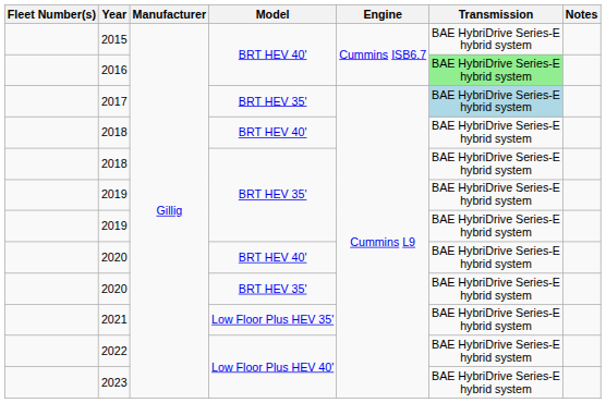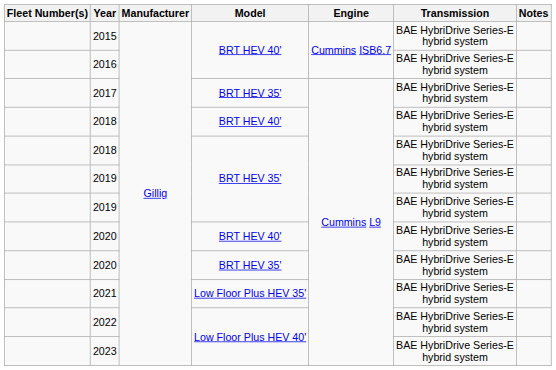 <table class="wikitable sortable" style="font-size:90%;border:1px;">
 <tr>
 <th>Fleet Number(s)</th>
 <th>Year</th>
 <th>Manufacturer</th>
 <th>Model</th>
 <th>Engine</th>
 <th>Transmission</th>
 <th>Notes</th>
 </tr>
 <tr align="center">
 <td></td>
 <td>2015</td>
 <td rowspan="13"><a href='#'>Gillig</a></td>
 <td rowspan="2"><a href='#'>BRT HEV 40'</a></td>
 <td rowspan="2"><a href='#'>Cummins</a> <a href='#'>ISB6.7</a></td>
 <td>BAE HybriDrive Series-E<br>hybrid system</td>
 <td></td>
 </tr>
 <tr align="center">
 <td></td>
 <td>2016</td>
-<td style="background: lightgreen;">BAE HybriDrive Series-E<br>hybrid system</td>
+<td>BAE HybriDrive Series-E<br>hybrid system</td>
 <td></td>
 </tr>
 <tr align="center">
 <td></td>
 <td>2017</td>
 <td><a href='#'>BRT HEV 35'</a></td>
 <td rowspan="10"><a href='#'>Cummins</a> <a href='#'>L9</a></td>
-<td style="background: lightblue;">BAE HybriDrive Series-E<br>hybrid system</td>
+<td>BAE HybriDrive Series-E<br>hybrid system</td>
 <td></td>
 </tr>
 <tr align="center">
 <td></td>
 <td>2018</td>
 <td><a href='#'>BRT HEV 40'</a></td>
 <td>BAE HybriDrive Series-E<br>hybrid system</td>
 <td></td>
 </tr>
 <tr align="center">
 <td></td>
 <td>2018</td>
 <td rowspan="3"><a href='#'>BRT HEV 35'</a></td>
 <td>BAE HybriDrive Series-E<br>hybrid system</td>
 <td></td>
 </tr>
 <tr align="center">
 <td></td>
 <td>2019</td>
 <td>BAE HybriDrive Series-E<br>hybrid system</td>
 <td></td>
 </tr>
 <tr align="center">
 <td></td>
 <td>2019</td>
 <td>BAE HybriDrive Series-E<br>hybrid system</td>
 <td></td>
 </tr>
 <tr align="center">
 <td></td>
 <td>2020</td>
 <td><a href='#'>BRT HEV 40'</a></td>
 <td>BAE HybriDrive Series-E<br>hybrid system</td>
 <td></td>
 </tr>
 <tr align="center">
 <td></td>
 <td>2020</td>
 <td><a href='#'>BRT HEV 35'</a></td>
 <td>BAE HybriDrive Series-E<br>hybrid system</td>
 <td></td>
 </tr>
 <tr align="center">
 <td></td>
 <td>2021</td>
 <td><a href='#'>Low Floor Plus HEV 35'</a></td>
 <td>BAE HybriDrive Series-E<br>hybrid system</td>
 <td></td>
 </tr>
 <tr align="center">
 <td></td>
 <td>2022</td>
 <td rowspan="2"><a href='#'>Low Floor Plus HEV 40'</a></td>
 <td>BAE HybriDrive Series-E<br>hybrid system</td>
 <td></td>
 </tr>
 <tr align="center">
 <td></td>
 <td>2023</td>
 <td>BAE HybriDrive Series-E<br>hybrid system</td>
 <td></td>
 </tr>
 </table>
